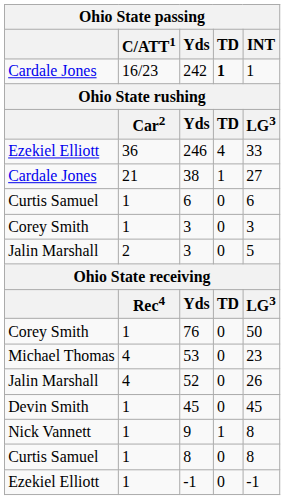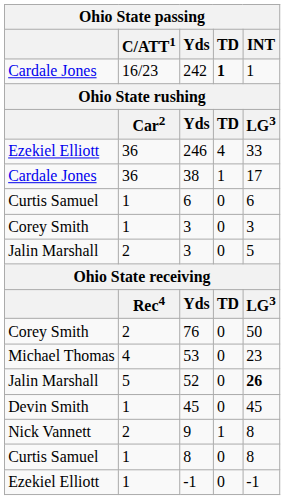 <table class="wikitable">
 <tr>
 <th colspan="5">Ohio State passing</th>
 </tr>
 <tr>
 <th></th>
 <th>C/ATT<sup>1</sup></th>
 <th>Yds</th>
 <th>TD</th>
 <th>INT</th>
 </tr>
 <tr>
 <td><a href='#'>Cardale Jones</a></td>
 <td>16/23</td>
 <td>242</td>
 <td><strong>1</strong></td>
 <td>1</td>
 </tr>
 <tr>
 <th colspan="5">Ohio State rushing</th>
 </tr>
 <tr>
 <th></th>
 <th>Car<sup>2</sup></th>
 <th>Yds</th>
 <th>TD</th>
 <th>LG<sup>3</sup></th>
 </tr>
 <tr>
 <td><a href='#'>Ezekiel Elliott</a></td>
 <td>36</td>
 <td>246</td>
 <td>4</td>
 <td>33</td>
 </tr>
 <tr>
 <td><a href='#'>Cardale Jones</a></td>
-<td>21</td>
+<td>36</td>
 <td>38</td>
 <td>1</td>
-<td>27</td>
+<td>17</td>
 </tr>
 <tr>
 <td>Curtis Samuel</td>
 <td>1</td>
 <td>6</td>
 <td>0</td>
 <td>6</td>
 </tr>
 <tr>
 <td>Corey Smith</td>
 <td>1</td>
 <td>3</td>
 <td>0</td>
 <td>3</td>
 </tr>
 <tr>
 <td>Jalin Marshall</td>
 <td>2</td>
 <td>3</td>
 <td>0</td>
 <td>5</td>
 </tr>
 <tr>
 <th colspan="7">Ohio State receiving</th>
 </tr>
 <tr>
 <th></th>
 <th>Rec<sup>4</sup></th>
 <th>Yds</th>
 <th>TD</th>
 <th>LG<sup>3</sup></th>
 </tr>
 <tr>
 <td>Corey Smith</td>
-<td>1</td>
+<td>2</td>
 <td>76</td>
 <td>0</td>
 <td>50</td>
 </tr>
 <tr>
 <td>Michael Thomas</td>
 <td>4</td>
 <td>53</td>
 <td>0</td>
 <td>23</td>
 </tr>
 <tr>
 <td>Jalin Marshall</td>
-<td>4</td>
+<td>5</td>
 <td>52</td>
 <td>0</td>
-<td>26</td>
+<td><strong>26</strong></td>
 </tr>
 <tr>
 <td>Devin Smith</td>
 <td>1</td>
 <td>45</td>
 <td>0</td>
 <td>45</td>
 </tr>
 <tr>
 <td>Nick Vannett</td>
-<td>1</td>
+<td>2</td>
 <td>9</td>
 <td>1</td>
 <td>8</td>
 </tr>
 <tr>
 <td>Curtis Samuel</td>
 <td>1</td>
 <td>8</td>
 <td>0</td>
 <td>8</td>
 </tr>
 <tr>
 <td>Ezekiel Elliott</td>
 <td>1</td>
 <td>-1</td>
 <td>0</td>
 <td>-1</td>
 </tr>
 </table>
